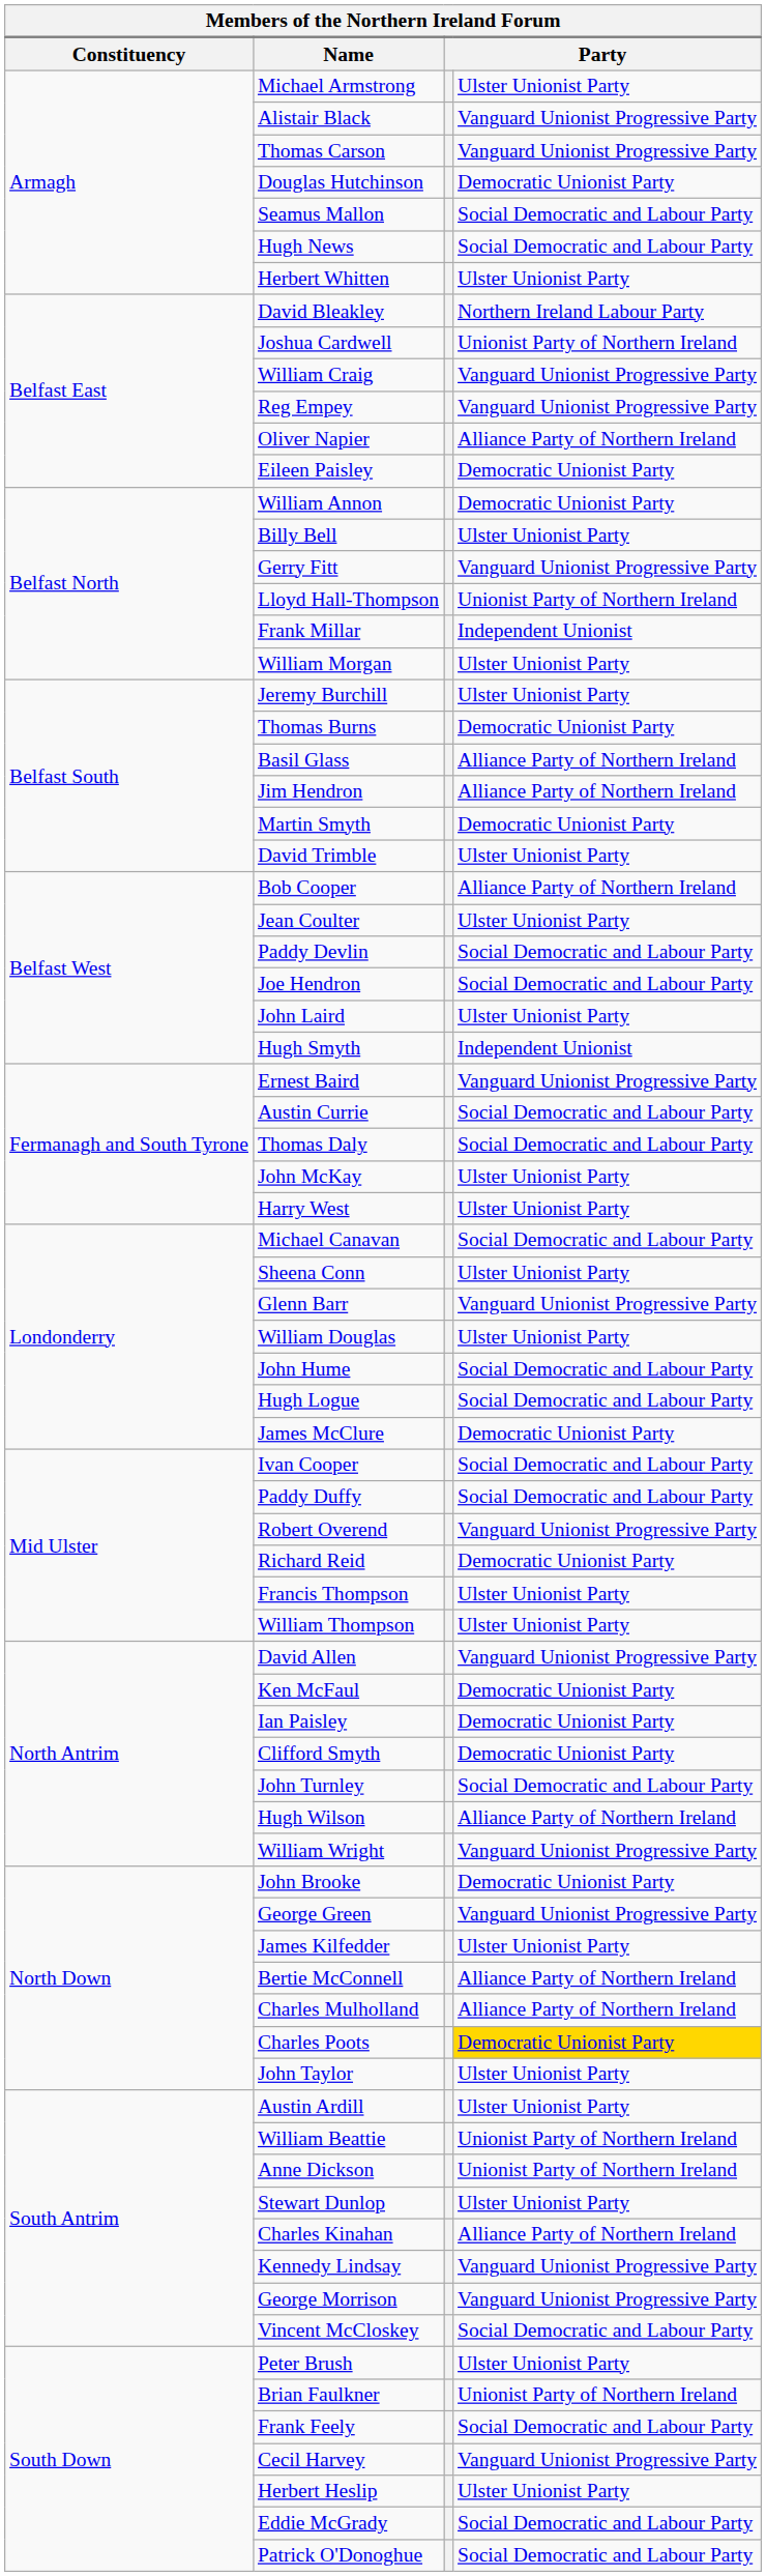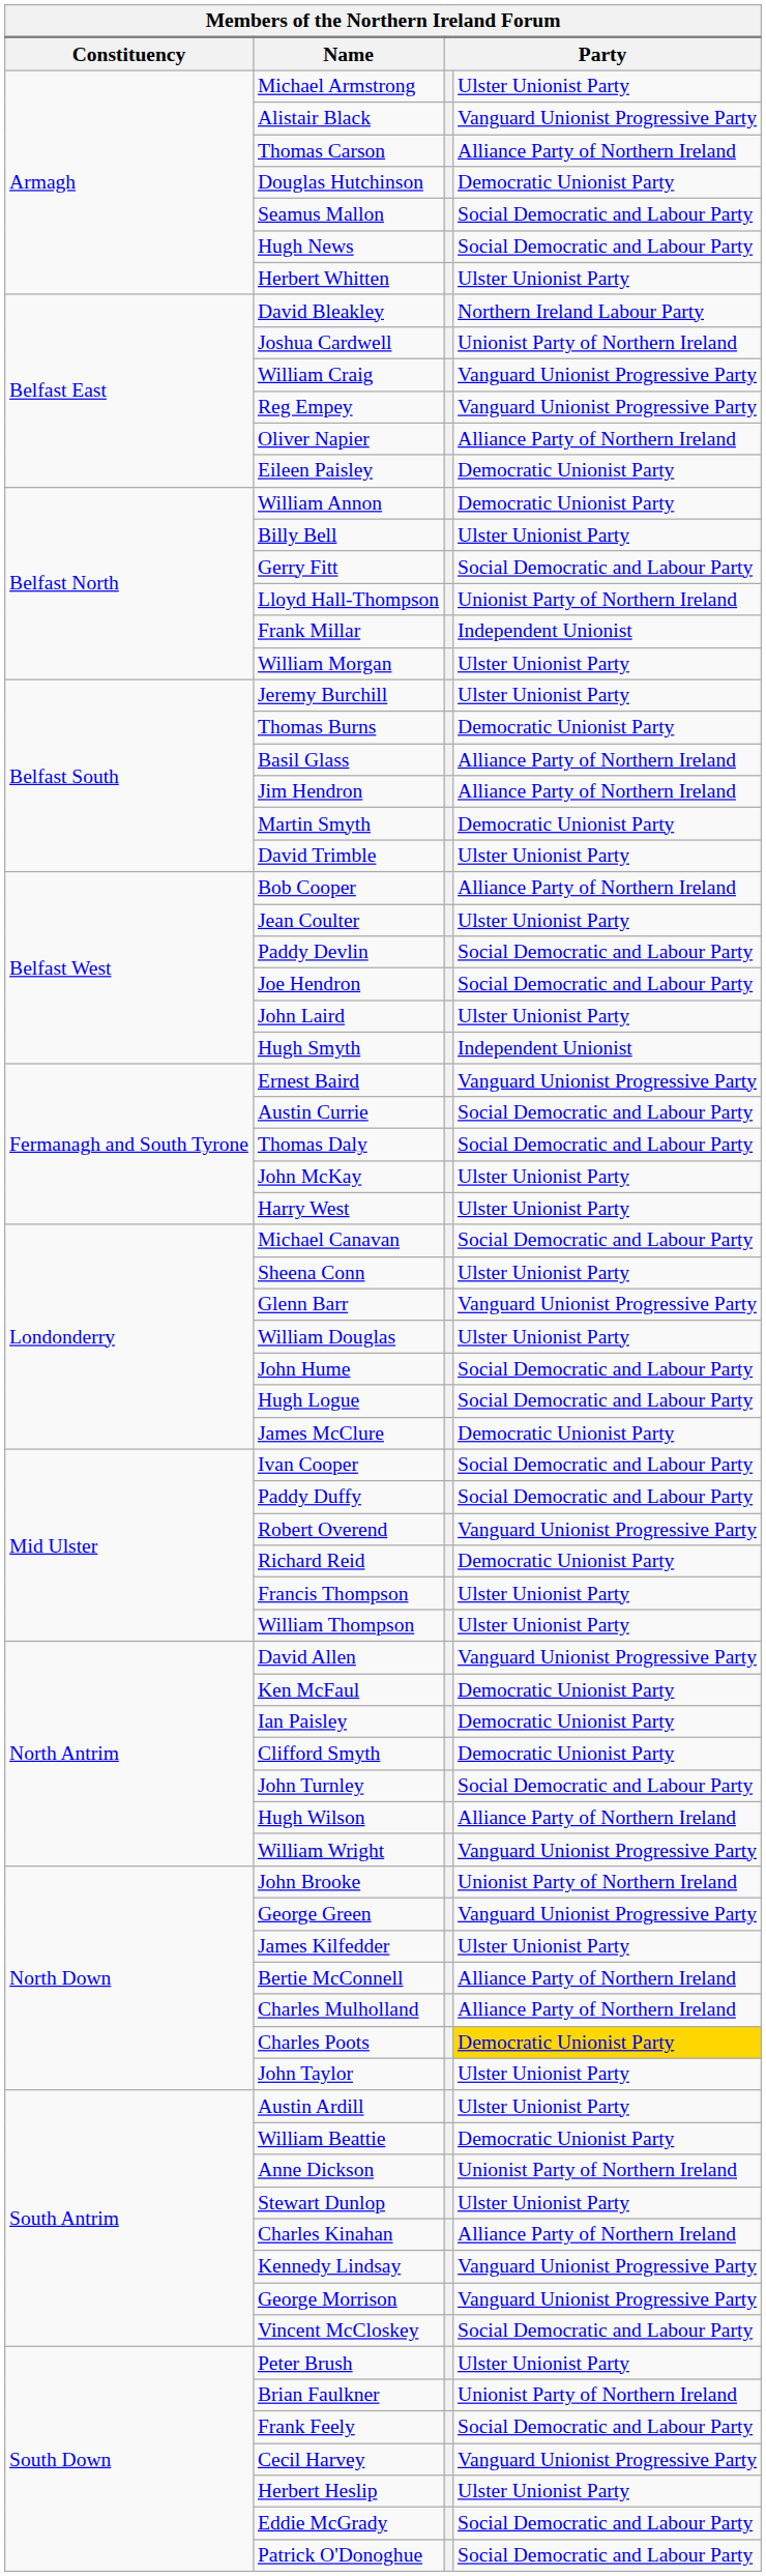 <table class="wikitable">
 <tr style="border-bottom: 2px solid gray;">
 <th colspan=4>Members of the Northern Ireland Forum</th>
 </tr>
 <tr>
 <th align=center>Constituency</th>
 <th align=center>Name</th>
 <th style="text-align:center;" colspan="2">Party</th>
 </tr>
 <tr>
 <td rowspan="7"><a href='#'>Armagh</a></td>
 <td><a href='#'>Michael Armstrong</a></td>
 <th style="background-color: "></th>
 <td><a href='#'>Ulster Unionist Party</a></td>
 </tr>
 <tr>
 <td><a href='#'>Alistair Black</a></td>
 <th style="background-color: "></th>
 <td><a href='#'>Vanguard Unionist Progressive Party</a></td>
 </tr>
 <tr>
 <td><a href='#'>Thomas Carson</a></td>
 <th style="background-color: "></th>
-<td><a href='#'>Vanguard Unionist Progressive Party</a></td>
+<td><a href='#'>Alliance Party of Northern Ireland</a></td>
 </tr>
 <tr>
 <td><a href='#'>Douglas Hutchinson</a></td>
 <th style="background-color: "></th>
 <td><a href='#'>Democratic Unionist Party</a></td>
 </tr>
 <tr>
 <td><a href='#'>Seamus Mallon</a></td>
 <th style="background-color: "></th>
 <td><a href='#'>Social Democratic and Labour Party</a></td>
 </tr>
 <tr>
 <td><a href='#'>Hugh News</a></td>
 <th style="background-color: "></th>
 <td><a href='#'>Social Democratic and Labour Party</a></td>
 </tr>
 <tr>
 <td><a href='#'>Herbert Whitten</a></td>
 <th style="background-color: "></th>
 <td><a href='#'>Ulster Unionist Party</a></td>
 </tr>
 <tr>
 <td rowspan="6"><a href='#'>Belfast East</a></td>
 <td><a href='#'>David Bleakley</a></td>
 <th style="background-color: "></th>
 <td><a href='#'>Northern Ireland Labour Party</a></td>
 </tr>
 <tr>
 <td><a href='#'>Joshua Cardwell</a></td>
 <th style="background-color: "></th>
 <td><a href='#'>Unionist Party of Northern Ireland</a></td>
 </tr>
 <tr>
 <td><a href='#'>William Craig</a></td>
 <th style="background-color: "></th>
 <td><a href='#'>Vanguard Unionist Progressive Party</a></td>
 </tr>
 <tr>
 <td><a href='#'>Reg Empey</a></td>
 <th style="background-color: "></th>
 <td><a href='#'>Vanguard Unionist Progressive Party</a></td>
 </tr>
 <tr>
 <td><a href='#'>Oliver Napier</a></td>
 <th style="background-color: "></th>
 <td><a href='#'>Alliance Party of Northern Ireland</a></td>
 </tr>
 <tr>
 <td><a href='#'>Eileen Paisley</a></td>
 <th style="background-color: "></th>
 <td><a href='#'>Democratic Unionist Party</a></td>
 </tr>
 <tr>
 <td rowspan="6"><a href='#'>Belfast North</a></td>
 <td><a href='#'>William Annon</a></td>
 <th style="background-color: "></th>
 <td><a href='#'>Democratic Unionist Party</a></td>
 </tr>
 <tr>
 <td><a href='#'>Billy Bell</a></td>
 <th style="background-color: "></th>
 <td><a href='#'>Ulster Unionist Party</a></td>
 </tr>
 <tr>
 <td><a href='#'>Gerry Fitt</a></td>
 <th style="background-color: "></th>
-<td><a href='#'>Vanguard Unionist Progressive Party</a></td>
+<td><a href='#'>Social Democratic and Labour Party</a></td>
 </tr>
 <tr>
 <td><a href='#'>Lloyd Hall-Thompson</a></td>
 <th style="background-color: "></th>
 <td><a href='#'>Unionist Party of Northern Ireland</a></td>
 </tr>
 <tr>
 <td><a href='#'>Frank Millar</a></td>
 <th style="background-color: "></th>
 <td><a href='#'>Independent Unionist</a></td>
 </tr>
 <tr>
 <td><a href='#'>William Morgan</a></td>
 <th style="background-color: "></th>
 <td><a href='#'>Ulster Unionist Party</a></td>
 </tr>
 <tr>
 <td rowspan="6"><a href='#'>Belfast South</a></td>
 <td><a href='#'>Jeremy Burchill</a></td>
 <th style="background-color: "></th>
 <td><a href='#'>Ulster Unionist Party</a></td>
 </tr>
 <tr>
 <td><a href='#'>Thomas Burns</a></td>
 <th style="background-color: "></th>
 <td><a href='#'>Democratic Unionist Party</a></td>
 </tr>
 <tr>
 <td><a href='#'>Basil Glass</a></td>
 <th style="background-color: "></th>
 <td><a href='#'>Alliance Party of Northern Ireland</a></td>
 </tr>
 <tr>
 <td><a href='#'>Jim Hendron</a></td>
 <th style="background-color: "></th>
 <td><a href='#'>Alliance Party of Northern Ireland</a></td>
 </tr>
 <tr>
 <td><a href='#'>Martin Smyth</a></td>
 <th style="background-color: "></th>
 <td><a href='#'>Democratic Unionist Party</a></td>
 </tr>
 <tr>
 <td><a href='#'>David Trimble</a></td>
 <th style="background-color: "></th>
 <td><a href='#'>Ulster Unionist Party</a></td>
 </tr>
 <tr>
 <td rowspan="6"><a href='#'>Belfast West</a></td>
 <td><a href='#'>Bob Cooper</a></td>
 <th style="background-color: "></th>
 <td><a href='#'>Alliance Party of Northern Ireland</a></td>
 </tr>
 <tr>
 <td><a href='#'>Jean Coulter</a></td>
 <th style="background-color: "></th>
 <td><a href='#'>Ulster Unionist Party</a></td>
 </tr>
 <tr>
 <td><a href='#'>Paddy Devlin</a></td>
 <th style="background-color: "></th>
 <td><a href='#'>Social Democratic and Labour Party</a></td>
 </tr>
 <tr>
 <td><a href='#'>Joe Hendron</a></td>
 <th style="background-color: "></th>
 <td><a href='#'>Social Democratic and Labour Party</a></td>
 </tr>
 <tr>
 <td><a href='#'>John Laird</a></td>
 <th style="background-color: "></th>
 <td><a href='#'>Ulster Unionist Party</a></td>
 </tr>
 <tr>
 <td><a href='#'>Hugh Smyth</a></td>
 <th style="background-color: "></th>
 <td><a href='#'>Independent Unionist</a></td>
 </tr>
 <tr>
 <td rowspan="5"><a href='#'>Fermanagh and South Tyrone</a></td>
 <td><a href='#'>Ernest Baird</a></td>
 <th style="background-color: "></th>
 <td><a href='#'>Vanguard Unionist Progressive Party</a></td>
 </tr>
 <tr>
 <td><a href='#'>Austin Currie</a></td>
 <th style="background-color: "></th>
 <td><a href='#'>Social Democratic and Labour Party</a></td>
 </tr>
 <tr>
 <td><a href='#'>Thomas Daly</a></td>
 <th style="background-color: "></th>
 <td><a href='#'>Social Democratic and Labour Party</a></td>
 </tr>
 <tr>
 <td><a href='#'>John McKay</a></td>
 <th style="background-color: "></th>
 <td><a href='#'>Ulster Unionist Party</a></td>
 </tr>
 <tr>
 <td><a href='#'>Harry West</a></td>
 <th style="background-color: "></th>
 <td><a href='#'>Ulster Unionist Party</a></td>
 </tr>
 <tr>
 <td rowspan="7"><a href='#'>Londonderry</a></td>
 <td><a href='#'>Michael Canavan</a></td>
 <th style="background-color: "></th>
 <td><a href='#'>Social Democratic and Labour Party</a></td>
 </tr>
 <tr>
 <td><a href='#'>Sheena Conn</a></td>
 <th style="background-color: "></th>
 <td><a href='#'>Ulster Unionist Party</a></td>
 </tr>
 <tr>
 <td><a href='#'>Glenn Barr</a></td>
 <th style="background-color: "></th>
 <td><a href='#'>Vanguard Unionist Progressive Party</a></td>
 </tr>
 <tr>
 <td><a href='#'>William Douglas</a></td>
 <th style="background-color: "></th>
 <td><a href='#'>Ulster Unionist Party</a></td>
 </tr>
 <tr>
 <td><a href='#'>John Hume</a></td>
 <th style="background-color: "></th>
 <td><a href='#'>Social Democratic and Labour Party</a></td>
 </tr>
 <tr>
 <td><a href='#'>Hugh Logue</a></td>
 <th style="background-color: "></th>
 <td><a href='#'>Social Democratic and Labour Party</a></td>
 </tr>
 <tr>
 <td><a href='#'>James McClure</a></td>
 <th style="background-color: "></th>
 <td><a href='#'>Democratic Unionist Party</a></td>
 </tr>
 <tr>
 <td rowspan="6"><a href='#'>Mid Ulster</a></td>
 <td><a href='#'>Ivan Cooper</a></td>
 <th style="background-color: "></th>
 <td><a href='#'>Social Democratic and Labour Party</a></td>
 </tr>
 <tr>
 <td><a href='#'>Paddy Duffy</a></td>
 <th style="background-color: "></th>
 <td><a href='#'>Social Democratic and Labour Party</a></td>
 </tr>
 <tr>
 <td><a href='#'>Robert Overend</a></td>
 <th style="background-color: "></th>
 <td><a href='#'>Vanguard Unionist Progressive Party</a></td>
 </tr>
 <tr>
 <td><a href='#'>Richard Reid</a></td>
 <th style="background-color: "></th>
 <td><a href='#'>Democratic Unionist Party</a></td>
 </tr>
 <tr>
 <td><a href='#'>Francis Thompson</a></td>
 <th style="background-color: "></th>
 <td><a href='#'>Ulster Unionist Party</a></td>
 </tr>
 <tr>
 <td><a href='#'>William Thompson</a></td>
 <th style="background-color: "></th>
 <td><a href='#'>Ulster Unionist Party</a></td>
 </tr>
 <tr>
 <td rowspan="7"><a href='#'>North Antrim</a></td>
 <td><a href='#'>David Allen</a></td>
 <th style="background-color: "></th>
 <td><a href='#'>Vanguard Unionist Progressive Party</a></td>
 </tr>
 <tr>
 <td><a href='#'>Ken McFaul</a></td>
 <th style="background-color: "></th>
 <td><a href='#'>Democratic Unionist Party</a></td>
 </tr>
 <tr>
 <td><a href='#'>Ian Paisley</a></td>
 <th style="background-color: "></th>
 <td><a href='#'>Democratic Unionist Party</a></td>
 </tr>
 <tr>
 <td><a href='#'>Clifford Smyth</a></td>
 <th style="background-color: "></th>
 <td><a href='#'>Democratic Unionist Party</a></td>
 </tr>
 <tr>
 <td><a href='#'>John Turnley</a></td>
 <th style="background-color: "></th>
 <td><a href='#'>Social Democratic and Labour Party</a></td>
 </tr>
 <tr>
 <td><a href='#'>Hugh Wilson</a></td>
 <th style="background-color: "></th>
 <td><a href='#'>Alliance Party of Northern Ireland</a></td>
 </tr>
 <tr>
 <td><a href='#'>William Wright</a></td>
 <th style="background-color: "></th>
 <td><a href='#'>Vanguard Unionist Progressive Party</a></td>
 </tr>
 <tr>
 <td rowspan="7"><a href='#'>North Down</a></td>
 <td><a href='#'>John Brooke</a></td>
 <th style="background-color: "></th>
-<td><a href='#'>Democratic Unionist Party</a></td>
+<td><a href='#'>Unionist Party of Northern Ireland</a></td>
 </tr>
 <tr>
 <td><a href='#'>George Green</a></td>
 <th style="background-color: "></th>
 <td><a href='#'>Vanguard Unionist Progressive Party</a></td>
 </tr>
 <tr>
 <td><a href='#'>James Kilfedder</a></td>
 <th style="background-color: "></th>
 <td><a href='#'>Ulster Unionist Party</a></td>
 </tr>
 <tr>
 <td><a href='#'>Bertie McConnell</a></td>
 <th style="background-color: "></th>
 <td><a href='#'>Alliance Party of Northern Ireland</a></td>
 </tr>
 <tr>
 <td><a href='#'>Charles Mulholland</a></td>
 <th style="background-color: "></th>
 <td><a href='#'>Alliance Party of Northern Ireland</a></td>
 </tr>
 <tr>
 <td><a href='#'>Charles Poots</a></td>
 <th style="background-color: "></th>
 <td style="background: gold;"><a href='#'>Democratic Unionist Party</a></td>
 </tr>
 <tr>
 <td><a href='#'>John Taylor</a></td>
 <th style="background-color: "></th>
 <td><a href='#'>Ulster Unionist Party</a></td>
 </tr>
 <tr>
 <td rowspan="8"><a href='#'>South Antrim</a></td>
 <td><a href='#'>Austin Ardill</a></td>
 <th style="background-color: "></th>
 <td><a href='#'>Ulster Unionist Party</a></td>
 </tr>
 <tr>
 <td><a href='#'>William Beattie</a></td>
 <th style="background-color: "></th>
-<td><a href='#'>Unionist Party of Northern Ireland</a></td>
+<td><a href='#'>Democratic Unionist Party</a></td>
 </tr>
 <tr>
 <td><a href='#'>Anne Dickson</a></td>
 <th style="background-color: "></th>
 <td><a href='#'>Unionist Party of Northern Ireland</a></td>
 </tr>
 <tr>
 <td><a href='#'>Stewart Dunlop</a></td>
 <th style="background-color: "></th>
 <td><a href='#'>Ulster Unionist Party</a></td>
 </tr>
 <tr>
 <td><a href='#'>Charles Kinahan</a></td>
 <th style="background-color: "></th>
 <td><a href='#'>Alliance Party of Northern Ireland</a></td>
 </tr>
 <tr>
 <td><a href='#'>Kennedy Lindsay</a></td>
 <th style="background-color: "></th>
 <td><a href='#'>Vanguard Unionist Progressive Party</a></td>
 </tr>
 <tr>
 <td><a href='#'>George Morrison</a></td>
 <th style="background-color: "></th>
 <td><a href='#'>Vanguard Unionist Progressive Party</a></td>
 </tr>
 <tr>
 <td><a href='#'>Vincent McCloskey</a></td>
 <th style="background-color: "></th>
 <td><a href='#'>Social Democratic and Labour Party</a></td>
 </tr>
 <tr>
 <td rowspan="7"><a href='#'>South Down</a></td>
 <td><a href='#'>Peter Brush</a></td>
 <th style="background-color: "></th>
 <td><a href='#'>Ulster Unionist Party</a></td>
 </tr>
 <tr>
 <td><a href='#'>Brian Faulkner</a></td>
 <th style="background-color: "></th>
 <td><a href='#'>Unionist Party of Northern Ireland</a></td>
 </tr>
 <tr>
 <td><a href='#'>Frank Feely</a></td>
 <th style="background-color: "></th>
 <td><a href='#'>Social Democratic and Labour Party</a></td>
 </tr>
 <tr>
 <td><a href='#'>Cecil Harvey</a></td>
 <th style="background-color: "></th>
 <td><a href='#'>Vanguard Unionist Progressive Party</a></td>
 </tr>
 <tr>
 <td><a href='#'>Herbert Heslip</a></td>
 <th style="background-color: "></th>
 <td><a href='#'>Ulster Unionist Party</a></td>
 </tr>
 <tr>
 <td><a href='#'>Eddie McGrady</a></td>
 <th style="background-color: "></th>
 <td><a href='#'>Social Democratic and Labour Party</a></td>
 </tr>
 <tr>
 <td><a href='#'>Patrick O'Donoghue</a></td>
 <th style="background-color: "></th>
 <td><a href='#'>Social Democratic and Labour Party</a></td>
 </tr>
 </table>
